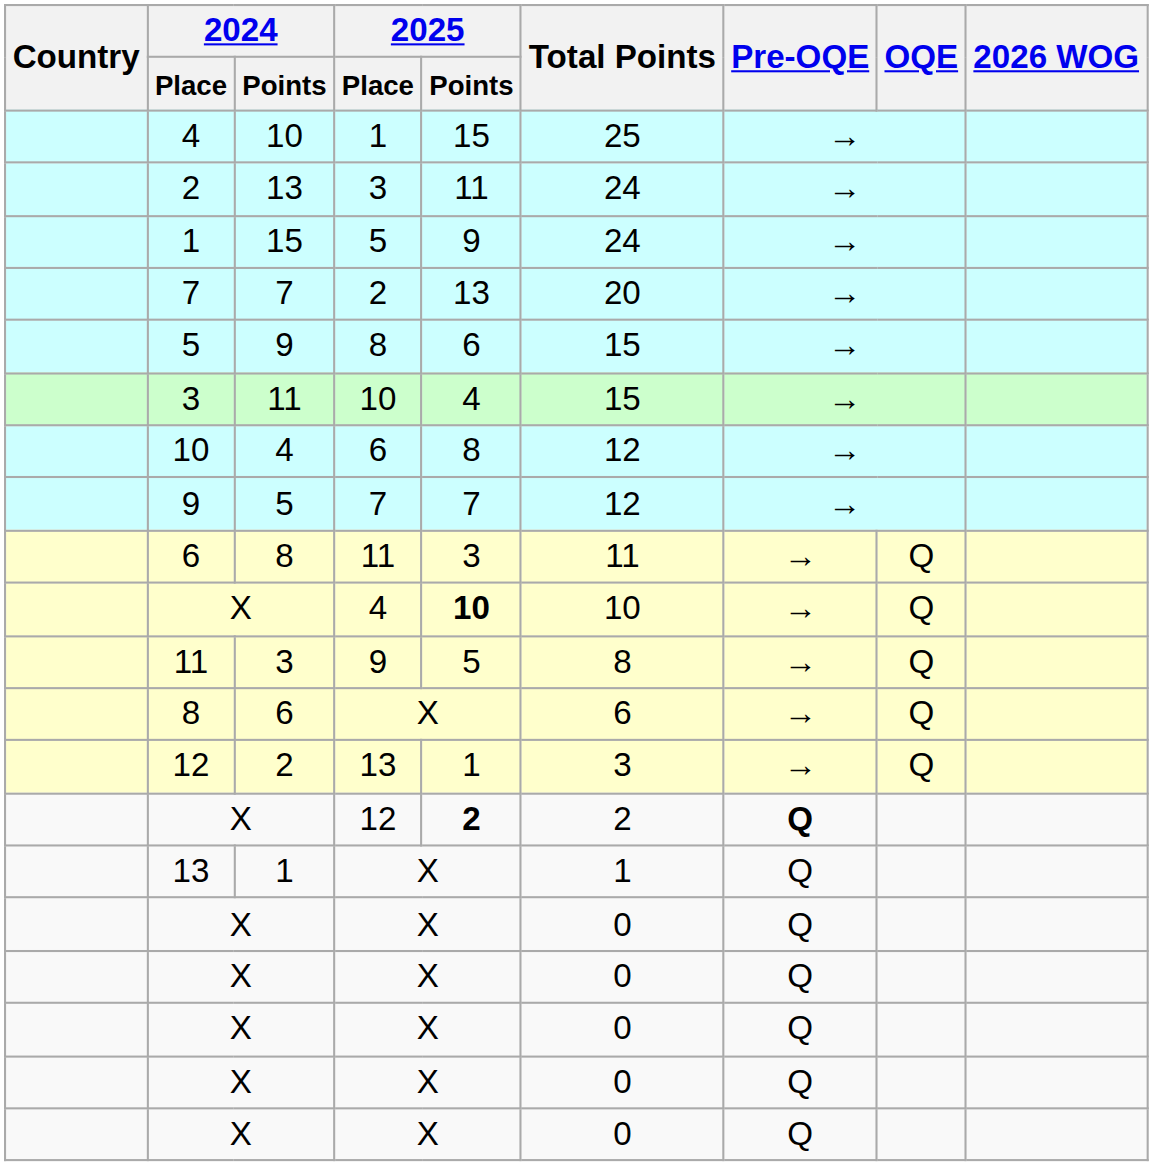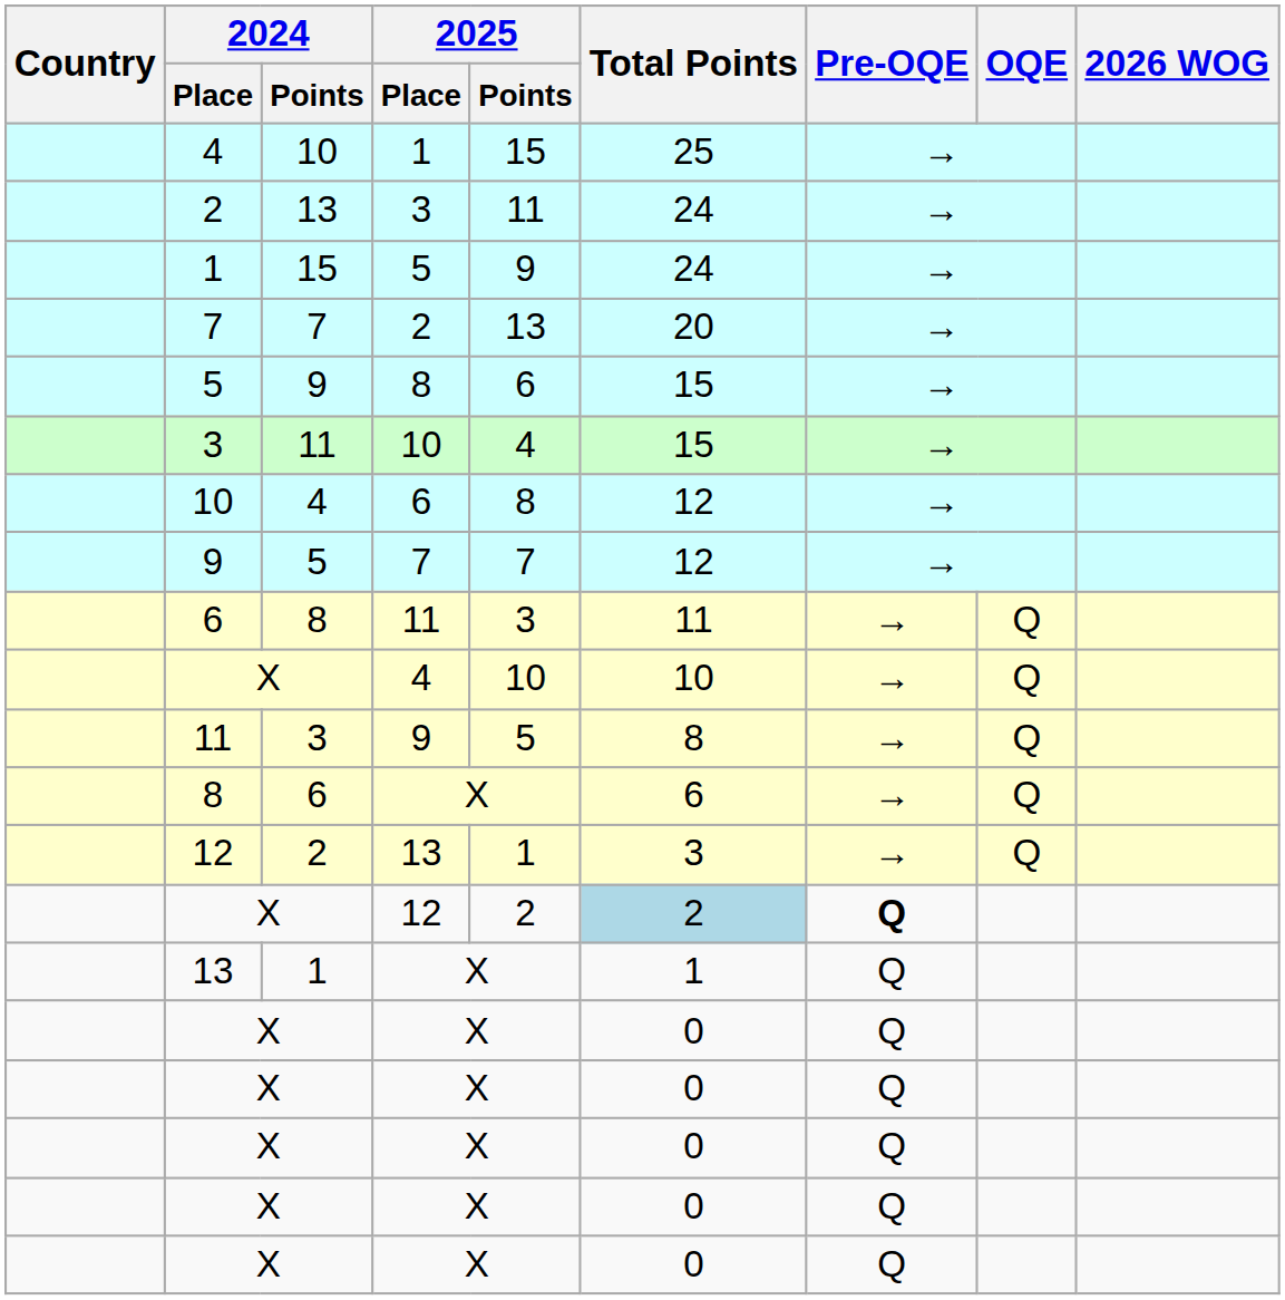 <table class="wikitable sortable" style="text-align:center">
 <tr>
 <th rowspan=2>Country</th>
 <th colspan=2><a href='#'>2024</a></th>
 <th colspan=2><a href='#'>2025</a></th>
 <th rowspan=2>Total Points</th>
 <th rowspan=2><a href='#'>Pre-OQE</a></th>
 <th rowspan=2><a href='#'>OQE</a></th>
 <th rowspan=2><a href='#'>2026 WOG</a></th>
 </tr>
 <tr>
 <th><small>Place</small></th>
 <th><small>Points</small></th>
 <th><small>Place</small></th>
 <th><small>Points</small></th>
 </tr>
 <tr style="background:#ccffff">
 <td align=left></td>
 <td>4</td>
 <td>10</td>
 <td>1</td>
 <td>15</td>
 <td>25</td>
 <td colspan=2>→</td>
 <td></td>
 </tr>
 <tr bgcolor="#ccffff">
 <td align="left"></td>
 <td>2</td>
 <td>13</td>
 <td>3</td>
 <td>11</td>
 <td>24</td>
 <td colspan="2">→</td>
 <td></td>
 </tr>
 <tr bgcolor=#ccffff>
 <td align=left></td>
 <td>1</td>
 <td>15</td>
 <td>5</td>
 <td>9</td>
 <td>24</td>
 <td colspan=2>→</td>
 <td></td>
 </tr>
 <tr style="background:#ccffff">
 <td align=left></td>
 <td>7</td>
 <td>7</td>
 <td>2</td>
 <td>13</td>
 <td>20</td>
 <td colspan=2>→</td>
 <td></td>
 </tr>
 <tr style="background:#ccffff">
 <td align=left></td>
 <td>5</td>
 <td>9</td>
 <td>8</td>
 <td>6</td>
 <td>15</td>
 <td colspan=2>→</td>
 <td></td>
 </tr>
 <tr style="background:#ccffcc">
 <td align=left></td>
 <td>3</td>
 <td>11</td>
 <td>10</td>
 <td>4</td>
 <td>15</td>
 <td colspan=2>→</td>
 <td></td>
 </tr>
 <tr style="background:#ccffff">
 <td align=left></td>
 <td>10</td>
 <td>4</td>
 <td>6</td>
 <td>8</td>
 <td>12</td>
 <td colspan=2>→</td>
 <td></td>
 </tr>
 <tr style="background:#ccffff">
 <td align=left></td>
 <td>9</td>
 <td>5</td>
 <td>7</td>
 <td>7</td>
 <td>12</td>
 <td colspan=2>→</td>
 <td></td>
 </tr>
 <tr style="background:#ffffcc">
 <td align=left></td>
 <td>6</td>
 <td>8</td>
 <td>11</td>
 <td>3</td>
 <td>11</td>
 <td>→</td>
 <td>Q</td>
 <td></td>
 </tr>
 <tr bgcolor=#ffffcc>
 <td align=left></td>
 <td colspan=2>X</td>
 <td>4</td>
-<td><strong>10</strong></td>
+<td>10</td>
 <td>10</td>
 <td>→</td>
 <td>Q</td>
 <td></td>
 </tr>
 <tr bgcolor=#ffffcc>
 <td align=left></td>
 <td>11</td>
 <td>3</td>
 <td>9</td>
 <td>5</td>
 <td>8</td>
 <td>→</td>
 <td>Q</td>
 <td></td>
 </tr>
 <tr bgcolor=#ffffcc>
 <td align=left></td>
 <td>8</td>
 <td>6</td>
 <td colspan=2>X</td>
 <td>6</td>
 <td>→</td>
 <td>Q</td>
 <td></td>
 </tr>
 <tr bgcolor=#ffffcc>
 <td align=left></td>
 <td>12</td>
 <td>2</td>
 <td>13</td>
 <td>1</td>
 <td>3</td>
 <td>→</td>
 <td>Q</td>
 <td></td>
 </tr>
 <tr>
 <td align=left></td>
 <td colspan=2>X</td>
 <td>12</td>
-<td><strong>2</strong></td>
 <td>2</td>
+<td style="background: lightblue;">2</td>
 <td><strong>Q</strong></td>
 <td></td>
 <td></td>
 </tr>
 <tr>
 <td align=left></td>
 <td>13</td>
 <td>1</td>
 <td colspan=2>X</td>
 <td>1</td>
 <td>Q</td>
 <td></td>
 <td></td>
 </tr>
 <tr>
 <td align=left></td>
 <td colspan=2>X</td>
 <td colspan=2>X</td>
 <td>0</td>
 <td>Q</td>
 <td></td>
 <td></td>
 </tr>
 <tr>
 <td align=left></td>
 <td colspan=2>X</td>
 <td colspan=2>X</td>
 <td>0</td>
 <td>Q</td>
 <td></td>
 <td></td>
 </tr>
 <tr>
 <td align=left></td>
 <td colspan=2>X</td>
 <td colspan=2>X</td>
 <td>0</td>
 <td>Q</td>
 <td></td>
 <td></td>
 </tr>
 <tr>
 <td align=left></td>
 <td colspan=2>X</td>
 <td colspan=2>X</td>
 <td>0</td>
 <td>Q</td>
 <td></td>
 <td></td>
 </tr>
 <tr>
 <td align=left></td>
 <td colspan=2>X</td>
 <td colspan=2>X</td>
 <td>0</td>
 <td>Q</td>
 <td></td>
 <td></td>
 </tr>
 </table>
